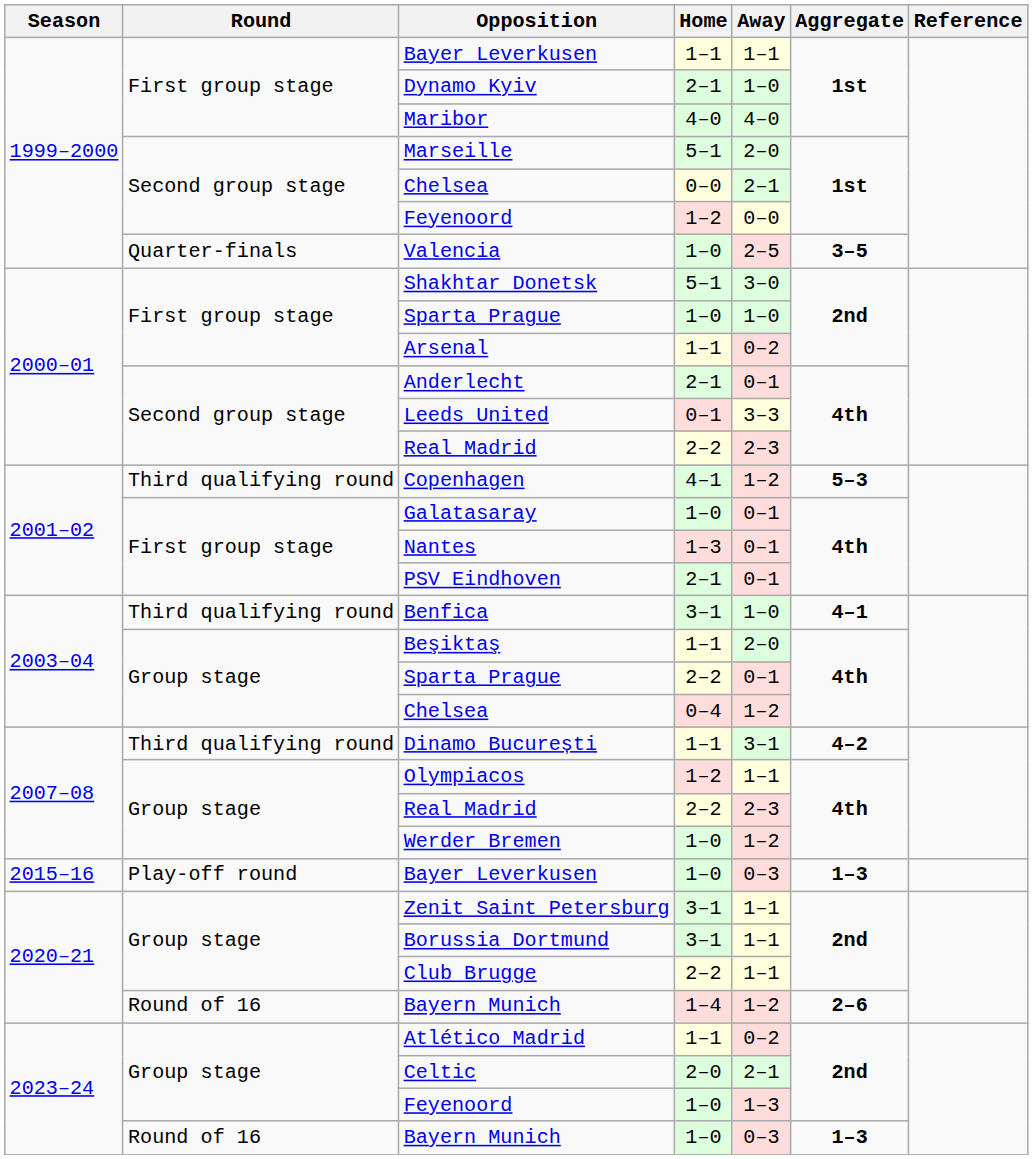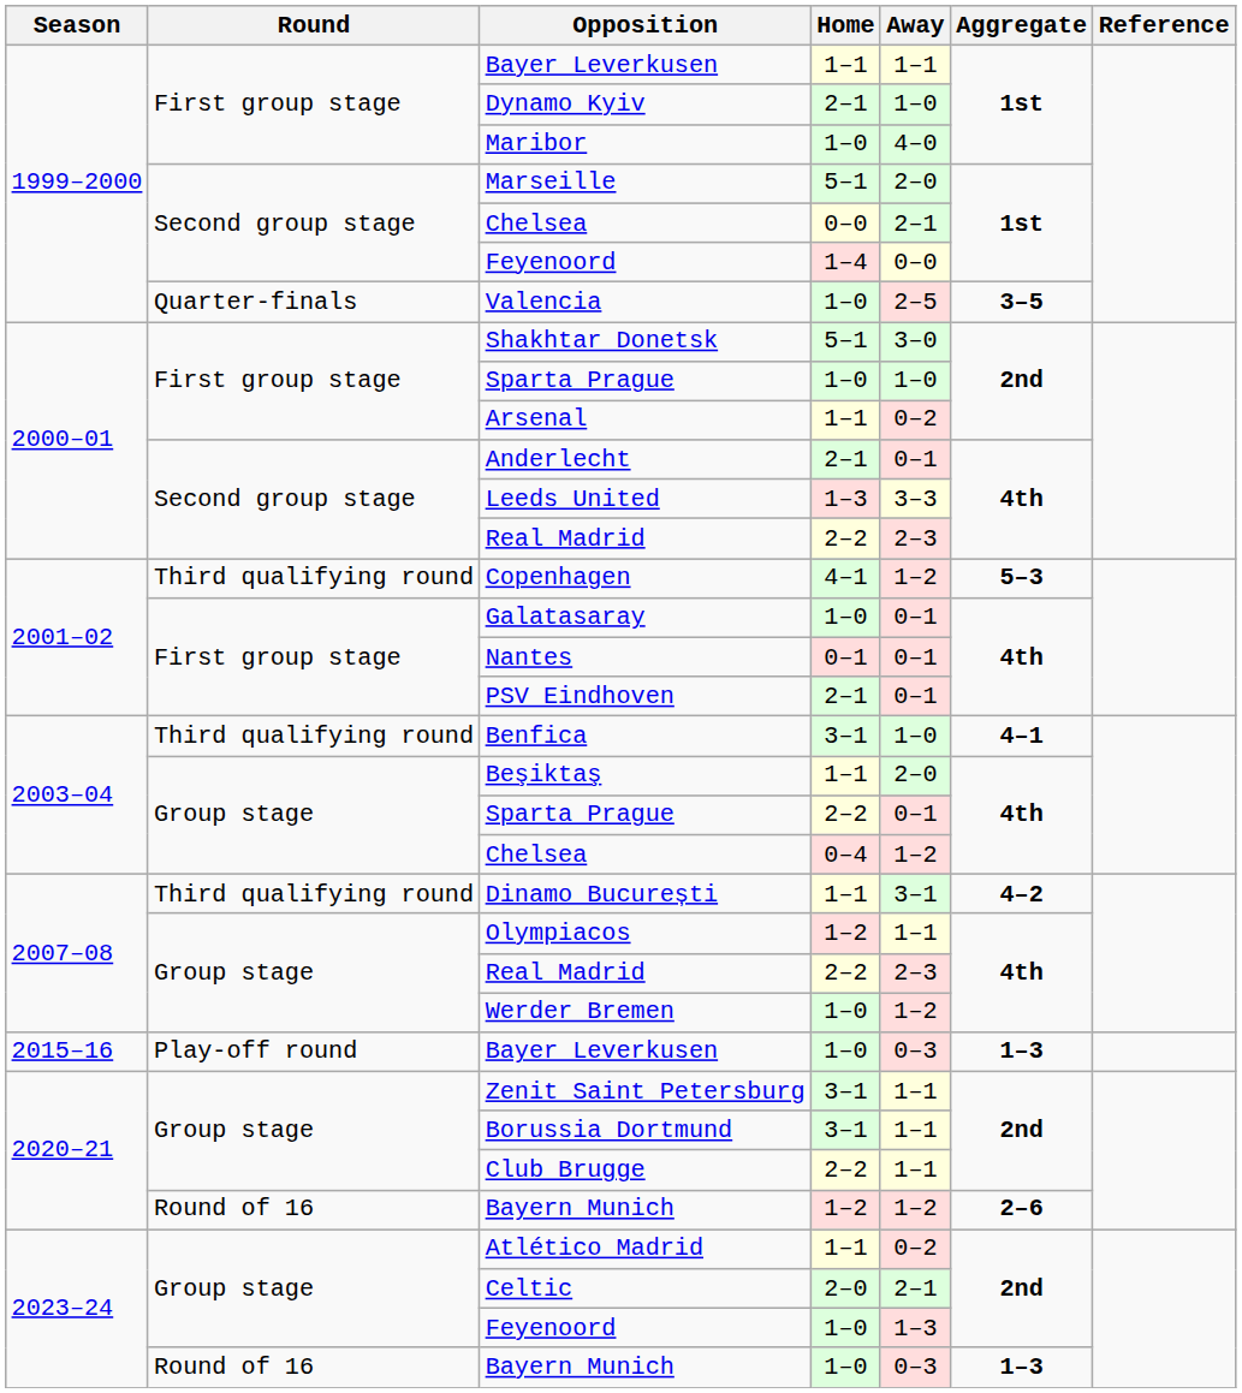 <table class="wikitable">
 <tr>
 <th>Season</th>
 <th>Round</th>
 <th>Opposition</th>
 <th>Home</th>
 <th>Away</th>
 <th>Aggregate</th>
 <th>Reference</th>
 </tr>
 <tr>
 <td rowspan=7><a href='#'>1999–2000</a></td>
 <td rowspan=3>First group stage</td>
 <td> <a href='#'>Bayer Leverkusen</a></td>
 <td style="text-align:center; background:#ffd;">1–1</td>
 <td style="text-align:center; background:#ffd;">1–1</td>
 <td style="text-align:center;" rowspan=3><strong>1st</strong></td>
 <td rowspan="7" style="text-align:center;"></td>
 </tr>
 <tr>
 <td> <a href='#'>Dynamo Kyiv</a></td>
 <td style="text-align:center; background:#dfd;">2–1</td>
 <td style="text-align:center; background:#dfd;">1–0</td>
 </tr>
 <tr>
 <td> <a href='#'>Maribor</a></td>
-<td style="text-align:center; background:#dfd;">4–0</td>
+<td style="text-align:center; background:#dfd;">1–0</td>
 <td style="text-align:center; background:#dfd;">4–0</td>
 </tr>
 <tr>
 <td rowspan=3>Second group stage</td>
 <td> <a href='#'>Marseille</a></td>
 <td style="text-align:center; background:#dfd;">5–1</td>
 <td style="text-align:center; background:#dfd;">2–0</td>
 <td style="text-align:center;" rowspan=3><strong>1st</strong></td>
 </tr>
 <tr>
 <td> <a href='#'>Chelsea</a></td>
 <td style="text-align:center; background:#ffd;">0–0</td>
 <td style="text-align:center; background:#dfd;">2–1</td>
 </tr>
 <tr>
 <td> <a href='#'>Feyenoord</a></td>
-<td style="text-align:center; background:#fdd;">1–2</td>
+<td style="text-align:center; background:#fdd;">1–4</td>
 <td style="text-align:center; background:#ffd;">0–0</td>
 </tr>
 <tr>
 <td>Quarter-finals</td>
 <td> <a href='#'>Valencia</a></td>
 <td style="text-align:center; background:#dfd;">1–0</td>
 <td style="text-align:center; background:#fdd;">2–5</td>
 <td style="text-align:center;"><strong>3–5</strong></td>
 </tr>
 <tr>
 <td rowspan=6><a href='#'>2000–01</a></td>
 <td rowspan=3>First group stage</td>
 <td> <a href='#'>Shakhtar Donetsk</a></td>
 <td style="text-align:center; background:#dfd;">5–1</td>
 <td style="text-align:center; background:#dfd;">3–0</td>
 <td style="text-align:center;" rowspan=3><strong>2nd</strong></td>
 <td rowspan="6" style="text-align:center;"></td>
 </tr>
 <tr>
 <td> <a href='#'>Sparta Prague</a></td>
 <td style="text-align:center; background:#dfd;">1–0</td>
 <td style="text-align:center; background:#dfd;">1–0</td>
 </tr>
 <tr>
 <td> <a href='#'>Arsenal</a></td>
 <td style="text-align:center; background:#ffd;">1–1</td>
 <td style="text-align:center; background:#fdd;">0–2</td>
 </tr>
 <tr>
 <td rowspan=3>Second group stage</td>
 <td> <a href='#'>Anderlecht</a></td>
 <td style="text-align:center; background:#dfd;">2–1</td>
 <td style="text-align:center; background:#fdd;">0–1</td>
 <td style="text-align:center;" rowspan=3><strong>4th</strong></td>
 </tr>
 <tr>
 <td> <a href='#'>Leeds United</a></td>
-<td style="text-align:center; background:#fdd;">0–1</td>
+<td style="text-align:center; background:#fdd;">1–3</td>
 <td style="text-align:center; background:#ffd;">3–3</td>
 </tr>
 <tr>
 <td> <a href='#'>Real Madrid</a></td>
 <td style="text-align:center; background:#ffd;">2–2</td>
 <td style="text-align:center; background:#fdd;">2–3</td>
 </tr>
 <tr>
 <td rowspan=4><a href='#'>2001–02</a></td>
 <td>Third qualifying round</td>
 <td> <a href='#'>Copenhagen</a></td>
 <td style="text-align:center; background:#dfd;">4–1</td>
 <td style="text-align:center; background:#fdd;">1–2</td>
 <td style="text-align:center;"><strong>5–3</strong></td>
 <td rowspan="4" style="text-align:center;"></td>
 </tr>
 <tr>
 <td rowspan=3>First group stage</td>
 <td> <a href='#'>Galatasaray</a></td>
 <td style="text-align:center; background:#dfd;">1–0</td>
 <td style="text-align:center; background:#fdd;">0–1</td>
 <td style="text-align:center;" rowspan=3><strong>4th</strong></td>
 </tr>
 <tr>
 <td> <a href='#'>Nantes</a></td>
-<td style="text-align:center; background:#fdd;">1–3</td>
+<td style="text-align:center; background:#fdd;">0–1</td>
 <td style="text-align:center; background:#fdd;">0–1</td>
 </tr>
 <tr>
 <td> <a href='#'>PSV Eindhoven</a></td>
 <td style="text-align:center; background:#dfd;">2–1</td>
 <td style="text-align:center; background:#fdd;">0–1</td>
 </tr>
 <tr>
 <td rowspan=4><a href='#'>2003–04</a></td>
 <td>Third qualifying round</td>
 <td> <a href='#'>Benfica</a></td>
 <td style="text-align:center; background:#dfd;">3–1</td>
 <td style="text-align:center; background:#dfd;">1–0</td>
 <td style="text-align:center;"><strong>4–1</strong></td>
 <td rowspan="4" style="text-align:center;"></td>
 </tr>
 <tr>
 <td rowspan=3>Group stage</td>
 <td> <a href='#'>Beşiktaş</a></td>
 <td style="text-align:center; background:#ffd;">1–1</td>
 <td style="text-align:center; background:#dfd;">2–0</td>
 <td style="text-align:center;" rowspan=3><strong>4th</strong></td>
 </tr>
 <tr>
 <td> <a href='#'>Sparta Prague</a></td>
 <td style="text-align:center; background:#ffd;">2–2</td>
 <td style="text-align:center; background:#fdd;">0–1</td>
 </tr>
 <tr>
 <td> <a href='#'>Chelsea</a></td>
 <td style="text-align:center; background:#fdd;">0–4</td>
 <td style="text-align:center; background:#fdd;">1–2</td>
 </tr>
 <tr>
 <td rowspan=4><a href='#'>2007–08</a></td>
 <td>Third qualifying round</td>
 <td> <a href='#'>Dinamo București</a></td>
 <td style="text-align:center; background:#ffd;">1–1</td>
 <td style="text-align:center; background:#dfd;">3–1</td>
 <td style="text-align:center;"><strong>4–2</strong></td>
 <td rowspan="4" style="text-align:center;"></td>
 </tr>
 <tr>
 <td rowspan=3>Group stage</td>
 <td> <a href='#'>Olympiacos</a></td>
 <td style="text-align:center; background:#fdd;">1–2</td>
 <td style="text-align:center; background:#ffd;">1–1</td>
 <td style="text-align:center;" rowspan=3><strong>4th</strong></td>
 </tr>
 <tr>
 <td> <a href='#'>Real Madrid</a></td>
 <td style="text-align:center; background:#ffd;">2–2</td>
 <td style="text-align:center; background:#fdd;">2–3</td>
 </tr>
 <tr>
 <td> <a href='#'>Werder Bremen</a></td>
 <td style="text-align:center; background:#dfd;">1–0</td>
 <td style="text-align:center; background:#fdd;">1–2</td>
 </tr>
 <tr>
 <td><a href='#'>2015–16</a></td>
 <td>Play-off round</td>
 <td> <a href='#'>Bayer Leverkusen</a></td>
 <td style="text-align:center; background:#dfd;">1–0</td>
 <td style="text-align:center; background:#fdd;">0–3</td>
 <td style="text-align:center;"><strong>1–3</strong></td>
 <td style="text-align:center;"></td>
 </tr>
 <tr>
 <td rowspan=4><a href='#'>2020–21</a></td>
 <td rowspan=3>Group stage</td>
 <td> <a href='#'>Zenit Saint Petersburg</a></td>
 <td style="text-align:center; background:#dfd;">3–1</td>
 <td style="text-align:center; background:#ffd;">1–1</td>
 <td style="text-align:center;" rowspan=3><strong>2nd</strong></td>
 <td rowspan="4" style="text-align:center;"></td>
 </tr>
 <tr>
 <td> <a href='#'>Borussia Dortmund</a></td>
 <td style="text-align:center; background:#dfd;">3–1</td>
 <td style="text-align:center; background:#ffd;">1–1</td>
 </tr>
 <tr>
 <td> <a href='#'>Club Brugge</a></td>
 <td style="text-align:center; background:#ffd;">2–2</td>
 <td style="text-align:center; background:#ffd;">1–1</td>
 </tr>
 <tr>
 <td>Round of 16</td>
 <td> <a href='#'>Bayern Munich</a></td>
-<td style="text-align:center; background:#fdd;">1–4</td>
+<td style="text-align:center; background:#fdd;">1–2</td>
 <td style="text-align:center; background:#fdd;">1–2</td>
 <td style="text-align:center;"><strong>2–6</strong></td>
 </tr>
 <tr>
 <td rowspan=4><a href='#'>2023–24</a></td>
 <td rowspan=3>Group stage</td>
 <td> <a href='#'>Atlético Madrid</a></td>
 <td style="text-align:center; background:#ffd;">1–1</td>
 <td style="text-align:center; background:#fdd;">0–2</td>
 <td style="text-align:center;" rowspan=3><strong>2nd</strong></td>
 <td rowspan="4" style="text-align:center;"></td>
 </tr>
 <tr>
 <td> <a href='#'>Celtic</a></td>
 <td style="text-align:center; background:#dfd;">2–0</td>
 <td style="text-align:center; background:#dfd;">2–1</td>
 </tr>
 <tr>
 <td> <a href='#'>Feyenoord</a></td>
 <td style="text-align:center; background:#dfd;">1–0</td>
 <td style="text-align:center; background:#fdd;">1–3</td>
 </tr>
 <tr>
 <td>Round of 16</td>
 <td> <a href='#'>Bayern Munich</a></td>
 <td style="text-align:center; background:#dfd;">1–0</td>
 <td style="text-align:center; background:#fdd;">0–3</td>
 <td style="text-align:center;"><strong>1–3</strong></td>
 </tr>
 </table>
